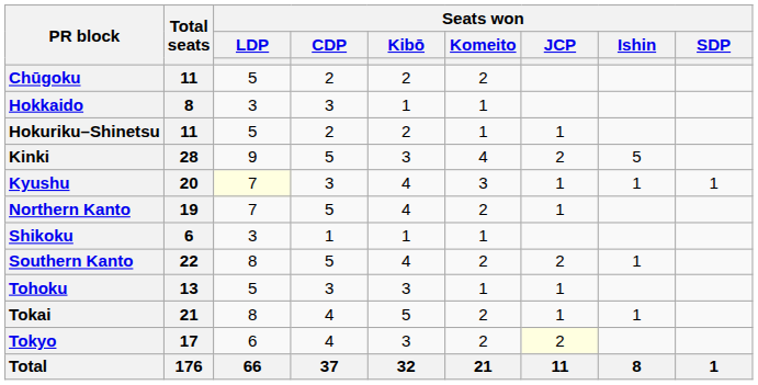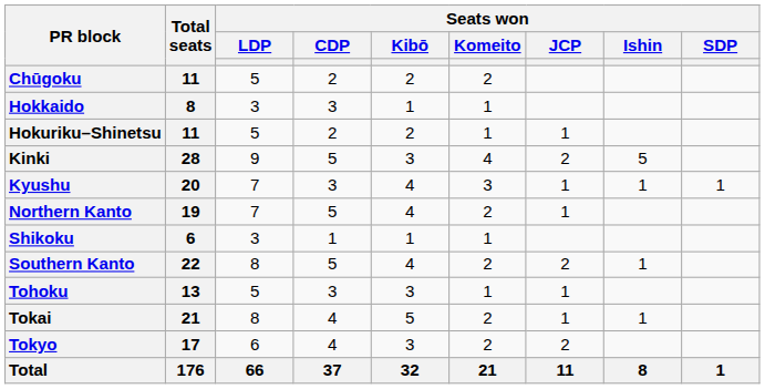 <table class="wikitable" style="text-align:center; font-size: 0.9em;">
 <tr>
 <th rowspan="3">PR block</th>
 <th rowspan="3">Total<br>seats</th>
 <th colspan="7">Seats won</th>
 </tr>
 <tr>
 <th class="unsortable" style="width:60px;"><a href='#'>LDP</a></th>
 <th class="unsortable" style="width:60px;"><a href='#'>CDP</a></th>
 <th class="unsortable" style="width:60px;"><a href='#'>Kibō</a></th>
 <th class="unsortable" style="width:60px;"><a href='#'>Komeito</a></th>
 <th class="unsortable" style="width:60px;"><a href='#'>JCP</a></th>
 <th class="unsortable" style="width:60px;"><a href='#'>Ishin</a></th>
 <th class="unsortable" style="width:60px;"><a href='#'>SDP</a></th>
 </tr>
 <tr>
 <th style="color:inherit;background:"></th>
 <th style="color:inherit;background:"></th>
 <th style="color:inherit;background:"></th>
 <th style="color:inherit;background:"></th>
 <th style="color:inherit;background:"></th>
 <th style="color:inherit;background:"></th>
 <th style="color:inherit;background:"></th>
 </tr>
 <tr>
 <th style="text-align: left;"><a href='#'>Chūgoku</a></th>
 <th>11</th>
 <td>5</td>
 <td>2</td>
 <td>2</td>
 <td>2</td>
 <td></td>
 <td></td>
 <td></td>
 </tr>
 <tr>
 <th style="text-align: left;"><a href='#'>Hokkaido</a></th>
 <th>8</th>
 <td>3</td>
 <td>3</td>
 <td>1</td>
 <td>1</td>
 <td></td>
 <td></td>
 <td></td>
 </tr>
 <tr>
 <th style="text-align: left;">Hokuriku–Shinetsu</th>
 <th>11</th>
 <td>5</td>
 <td>2</td>
 <td>2</td>
 <td>1</td>
 <td>1</td>
 <td></td>
 <td></td>
 </tr>
 <tr>
 <th style="text-align: left;">Kinki</th>
 <th>28</th>
 <td>9</td>
 <td>5</td>
 <td>3</td>
 <td>4</td>
 <td>2</td>
 <td>5</td>
 <td></td>
 </tr>
 <tr>
 <th style="text-align: left;"><a href='#'>Kyushu</a></th>
 <th>20</th>
-<td style="background: lightyellow;">7</td>
+<td>7</td>
 <td>3</td>
 <td>4</td>
 <td>3</td>
 <td>1</td>
 <td>1</td>
 <td>1</td>
 </tr>
 <tr>
 <th style="text-align: left;"><a href='#'>Northern Kanto</a></th>
 <th>19</th>
 <td>7</td>
 <td>5</td>
 <td>4</td>
 <td>2</td>
 <td>1</td>
 <td></td>
 <td></td>
 </tr>
 <tr>
 <th style="text-align: left;"><a href='#'>Shikoku</a></th>
 <th>6</th>
 <td>3</td>
 <td>1</td>
 <td>1</td>
 <td>1</td>
 <td></td>
 <td></td>
 <td></td>
 </tr>
 <tr>
 <th style="text-align: left;"><a href='#'>Southern Kanto</a></th>
 <th>22</th>
 <td>8</td>
 <td>5</td>
 <td>4</td>
 <td>2</td>
 <td>2</td>
 <td>1</td>
 <td></td>
 </tr>
 <tr>
 <th style="text-align: left;"><a href='#'>Tohoku</a></th>
 <th>13</th>
 <td>5</td>
 <td>3</td>
 <td>3</td>
 <td>1</td>
 <td>1</td>
 <td></td>
 <td></td>
 </tr>
 <tr>
 <th style="text-align: left;">Tokai</th>
 <th>21</th>
 <td>8</td>
 <td>4</td>
 <td>5</td>
 <td>2</td>
 <td>1</td>
 <td>1</td>
 <td></td>
 </tr>
 <tr>
 <th style="text-align: left;"><a href='#'>Tokyo</a></th>
 <th>17</th>
 <td>6</td>
 <td>4</td>
 <td>3</td>
 <td>2</td>
-<td style="background: lightyellow;">2</td>
+<td>2</td>
 <td></td>
 <td></td>
 </tr>
 <tr class="sortbottom">
 <th style="text-align: left;">Total</th>
 <th>176</th>
 <th>66</th>
 <th>37</th>
 <th>32</th>
 <th>21</th>
 <th>11</th>
 <th>8</th>
 <th>1</th>
 </tr>
 </table>
